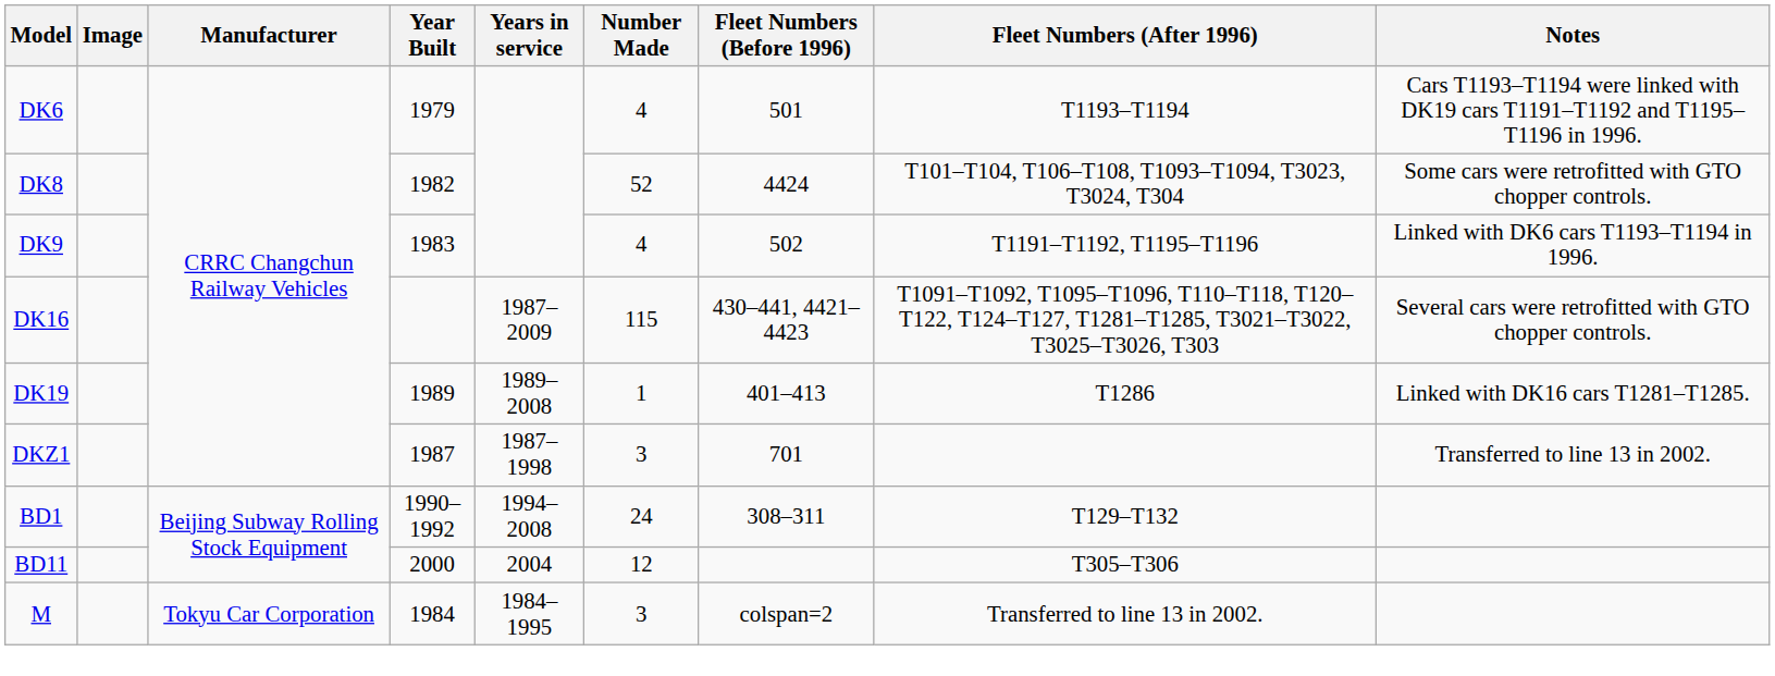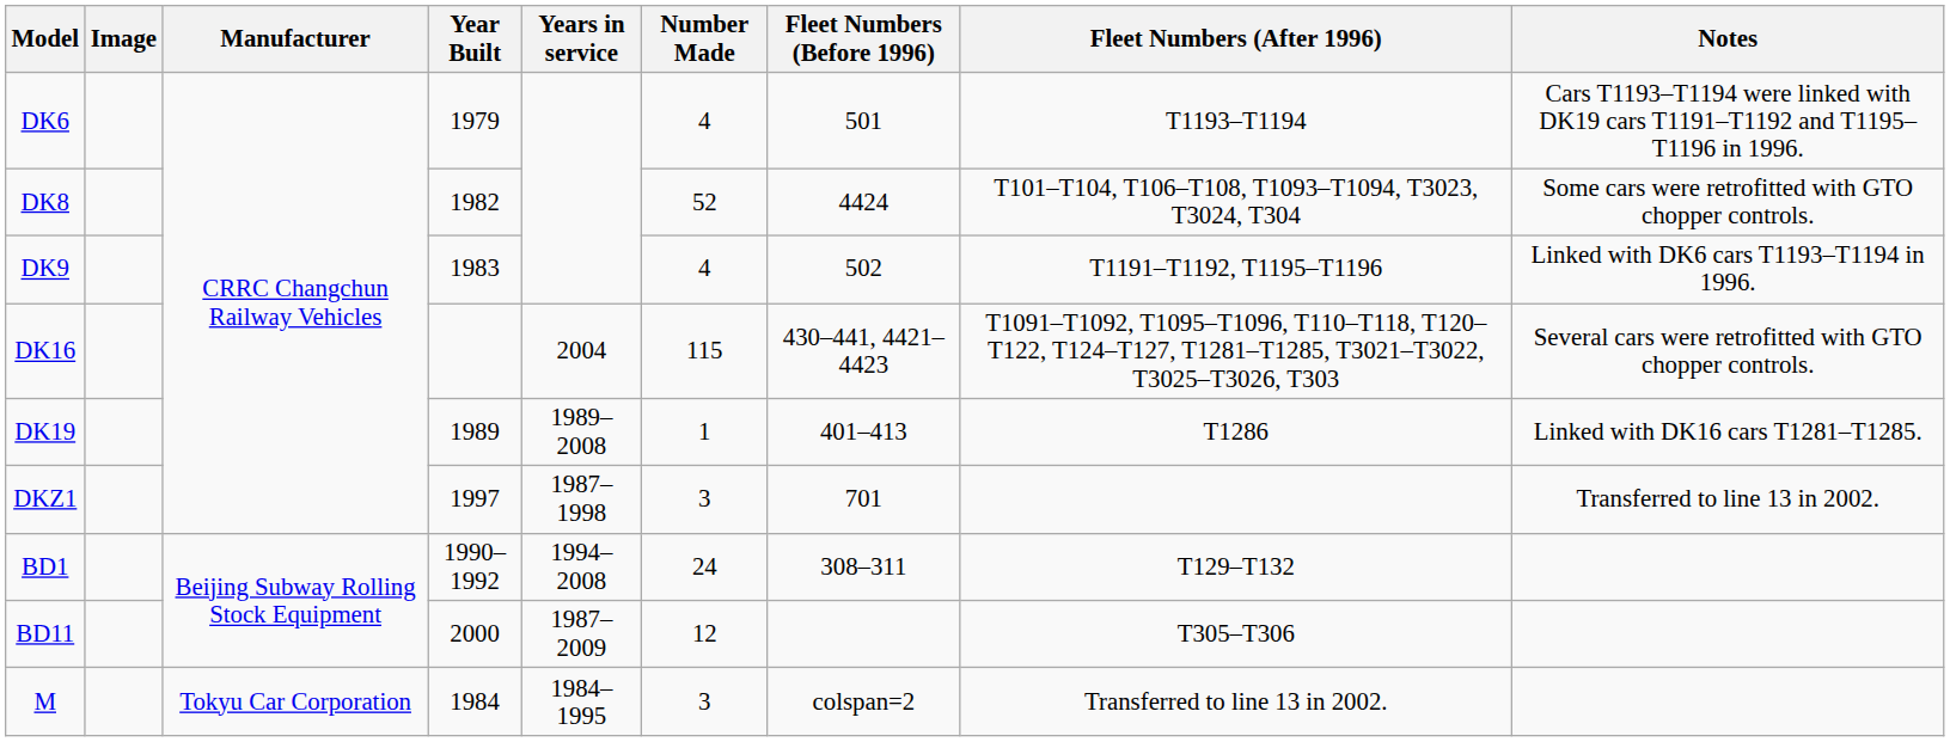 <table class="wikitable" style="border-collapse: collapse; text-align: center;">
 <tr>
 <th>Model</th>
 <th>Image</th>
 <th>Manufacturer</th>
 <th>Year Built</th>
 <th>Years in service</th>
 <th>Number Made</th>
 <th>Fleet Numbers (Before 1996)</th>
 <th>Fleet Numbers (After 1996)</th>
 <th>Notes</th>
 </tr>
 <tr>
 <td><a href='#'>DK6</a></td>
 <td></td>
 <td rowspan=6><a href='#'>CRRC Changchun Railway Vehicles</a></td>
 <td>1979</td>
 <td rowspan="3"></td>
 <td>4</td>
 <td>501</td>
 <td>T1193–T1194</td>
 <td>Cars T1193–T1194 were linked with DK19 cars T1191–T1192 and T1195–T1196 in 1996.</td>
 </tr>
 <tr>
 <td><a href='#'>DK8</a></td>
 <td></td>
 <td>1982</td>
 <td>52</td>
 <td>4424</td>
 <td>T101–T104, T106–T108, T1093–T1094, T3023, T3024, T304</td>
 <td>Some cars were retrofitted with GTO chopper controls.</td>
 </tr>
 <tr>
 <td><a href='#'>DK9</a></td>
 <td></td>
 <td>1983</td>
 <td>4</td>
 <td>502</td>
 <td>T1191–T1192, T1195–T1196</td>
 <td>Linked with DK6 cars T1193–T1194 in 1996.</td>
 </tr>
 <tr>
 <td><a href='#'>DK16</a></td>
 <td></td>
 <td></td>
-<td>1987–2009</td>
+<td>2004</td>
 <td>115</td>
 <td>430–441, 4421–4423</td>
 <td>T1091–T1092, T1095–T1096, T110–T118, T120–T122, T124–T127, T1281–T1285, T3021–T3022, T3025–T3026, T303</td>
 <td>Several cars were retrofitted with GTO chopper controls.</td>
 </tr>
 <tr>
 <td><a href='#'>DK19</a></td>
 <td></td>
 <td>1989</td>
 <td>1989–2008</td>
 <td>1</td>
 <td>401–413</td>
 <td>T1286</td>
 <td>Linked with DK16 cars T1281–T1285.</td>
 </tr>
 <tr>
 <td><a href='#'>DKZ1</a></td>
 <td></td>
-<td>1987</td>
+<td>1997</td>
 <td>1987–1998</td>
 <td>3</td>
 <td>701</td>
 <td></td>
 <td>Transferred to line 13 in 2002.</td>
 </tr>
 <tr>
 <td><a href='#'>BD1</a></td>
 <td></td>
 <td rowspan=2><a href='#'>Beijing Subway Rolling Stock Equipment</a></td>
 <td>1990–1992</td>
 <td>1994–2008</td>
 <td>24</td>
 <td>308–311</td>
 <td>T129–T132</td>
 <td></td>
 </tr>
 <tr>
 <td><a href='#'>BD11</a></td>
 <td></td>
 <td>2000</td>
-<td>2004</td>
+<td>1987–2009</td>
 <td>12</td>
 <td></td>
 <td>T305–T306</td>
 <td></td>
 </tr>
 <tr>
 <td><a href='#'>M</a></td>
 <td></td>
 <td><a href='#'>Tokyu Car Corporation</a></td>
 <td>1984</td>
 <td>1984–1995</td>
 <td>3</td>
 <td>colspan=2 </td>
 <td>Transferred to line 13 in 2002.</td>
 </tr>
 </table>
